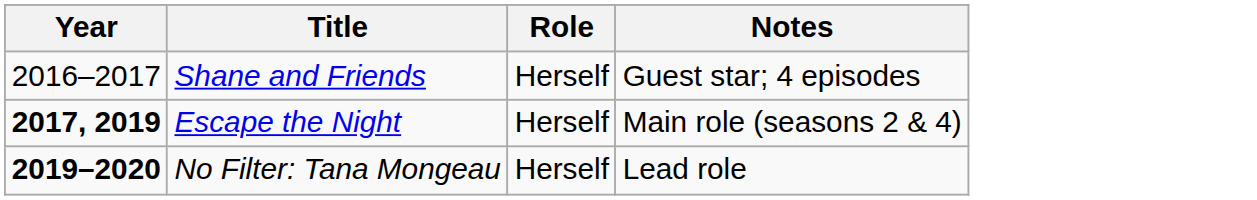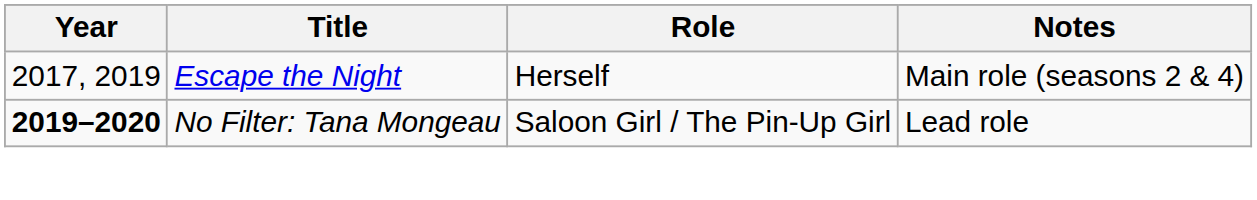 <table class ="wikitable unsortable">
 <tr>
 <th>Year</th>
 <th>Title</th>
 <th>Role</th>
 <th>Notes</th>
 </tr>
 <tr>
-<td>2016–2017</td>
-<td><em><a href='#'>Shane and Friends</a></em></td>
-<td>Herself</td>
-<td>Guest star; 4 episodes</td>
-</tr>
-<tr>
-<td><strong>2017, 2019</strong></td>
+<td>2017, 2019</td>
 <td><em><a href='#'>Escape the Night</a></em></td>
 <td>Herself</td>
 <td>Main role (seasons 2 & 4)</td>
 </tr>
 <tr>
 <td><strong>2019–2020</strong></td>
 <td><em>No Filter: Tana Mongeau</em></td>
-<td>Herself</td>
+<td>Saloon Girl / The Pin-Up Girl</td>
 <td>Lead role</td>
 </tr>
 </table>
